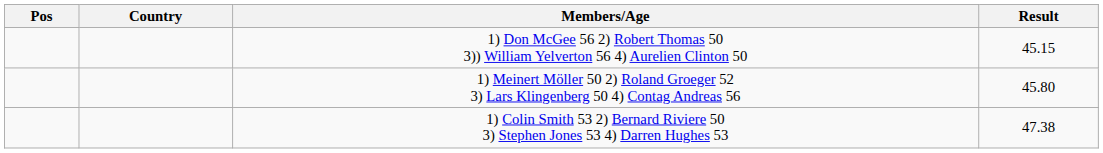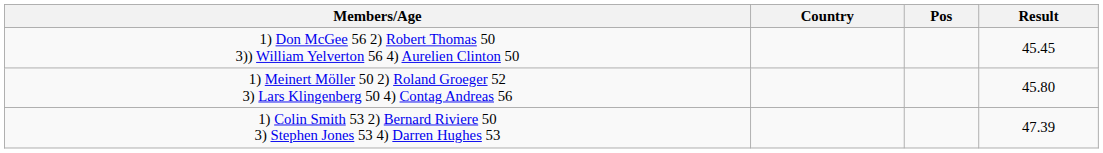 <table class="wikitable"  style="text-align:center; width:60%;">
 <tr>
+<th>Members/Age</th>
+<th>Country</th>
 <th>Pos</th>
-<th>Country</th>
-<th>Members/Age</th>
 <th>Result</th>
 </tr>
 <tr>
+<td>1) <a href='#'>Don McGee</a> 56 2) <a href='#'>Robert Thomas</a> 50<br>3)) <a href='#'>William Yelverton</a> 56 4) <a href='#'>Aurelien Clinton</a> 50</td>
+<td align=left></td>
 <td align=center></td>
-<td align=left></td>
-<td>1) <a href='#'>Don McGee</a> 56 2) <a href='#'>Robert Thomas</a> 50<br>3)) <a href='#'>William Yelverton</a> 56 4) <a href='#'>Aurelien Clinton</a> 50</td>
-<td>45.15</td>
+<td>45.45</td>
 </tr>
 <tr>
+<td>1) <a href='#'>Meinert Möller</a> 50 2) <a href='#'>Roland Groeger</a> 52<br>3) <a href='#'>Lars Klingenberg</a> 50 4) <a href='#'>Contag Andreas</a> 56</td>
+<td align=left></td>
 <td align=center></td>
-<td align=left></td>
-<td>1) <a href='#'>Meinert Möller</a> 50 2) <a href='#'>Roland Groeger</a> 52<br>3) <a href='#'>Lars Klingenberg</a> 50 4) <a href='#'>Contag Andreas</a> 56</td>
 <td>45.80</td>
 </tr>
 <tr>
+<td>1) <a href='#'>Colin Smith</a> 53 2) <a href='#'>Bernard Riviere</a> 50<br>3) <a href='#'>Stephen Jones</a> 53 4) <a href='#'>Darren Hughes</a> 53</td>
+<td align=left></td>
 <td align=center></td>
-<td align=left></td>
-<td>1) <a href='#'>Colin Smith</a> 53 2) <a href='#'>Bernard Riviere</a> 50<br>3) <a href='#'>Stephen Jones</a> 53 4) <a href='#'>Darren Hughes</a> 53</td>
-<td>47.38</td>
+<td>47.39</td>
 </tr>
 </table>
